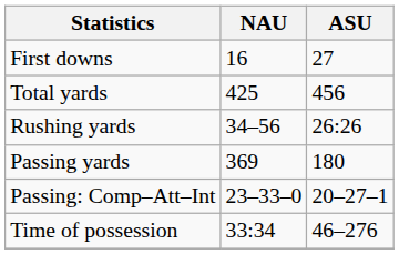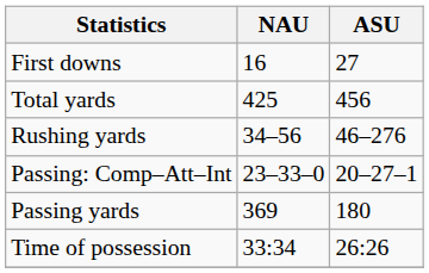 <table class="wikitable" style="float: left;">
 <tr>
 <th>Statistics</th>
 <th>NAU</th>
 <th>ASU</th>
 </tr>
 <tr>
 <td>First downs</td>
 <td>16</td>
 <td>27</td>
 </tr>
 <tr>
 <td>Total yards</td>
 <td>425</td>
 <td>456</td>
 </tr>
 <tr>
 <td>Rushing yards</td>
 <td>34–56</td>
-<td>26:26</td>
+<td>46–276</td>
+</tr>
+<tr>
+<td>Passing: Comp–Att–Int</td>
+<td>23–33–0</td>
+<td>20–27–1</td>
 </tr>
 <tr>
 <td>Passing yards</td>
 <td>369</td>
 <td>180</td>
 </tr>
 <tr>
-<td>Passing: Comp–Att–Int</td>
-<td>23–33–0</td>
-<td>20–27–1</td>
-</tr>
-<tr>
 <td>Time of possession</td>
 <td>33:34</td>
-<td>46–276</td>
+<td>26:26</td>
 </tr>
 <tr>
 </tr>
 </table>
